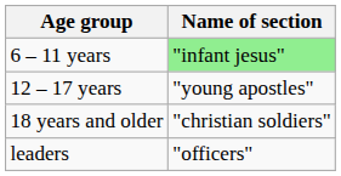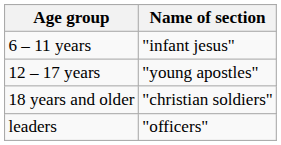 <table class="wikitable sortable">
 <tr>
 <th>Age group</th>
 <th>Name of section</th>
 </tr>
 <tr>
 <td>6 – 11 years</td>
-<td style="background: lightgreen;">"infant jesus"</td>
+<td>"infant jesus"</td>
 </tr>
 <tr>
 <td>12 – 17 years</td>
 <td>"young apostles"</td>
 </tr>
 <tr>
 <td>18 years and older</td>
 <td>"christian soldiers"</td>
 </tr>
 <tr>
 <td>leaders</td>
 <td>"officers"</td>
 </tr>
 </table>
